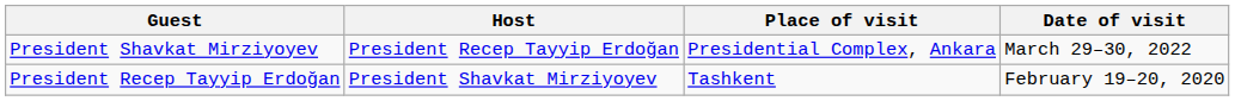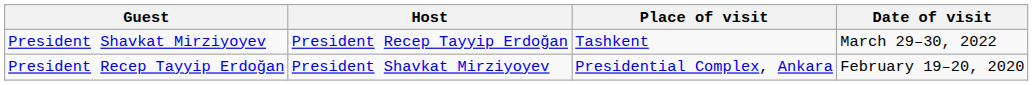 <table class="wikitable" border="1">
 <tr>
 <th>Guest</th>
 <th>Host</th>
 <th>Place of visit</th>
 <th>Date of visit</th>
 </tr>
 <tr>
 <td> <a href='#'>President</a> <a href='#'>Shavkat Mirziyoyev</a></td>
 <td> <a href='#'>President</a> <a href='#'>Recep Tayyip Erdoğan</a></td>
-<td><a href='#'>Presidential Complex</a>, <a href='#'>Ankara</a></td>
+<td><a href='#'>Tashkent</a></td>
 <td>March 29–30, 2022</td>
 </tr>
 <tr>
 <td> <a href='#'>President</a> <a href='#'>Recep Tayyip Erdoğan</a></td>
 <td> <a href='#'>President</a> <a href='#'>Shavkat Mirziyoyev</a></td>
-<td><a href='#'>Tashkent</a></td>
+<td><a href='#'>Presidential Complex</a>, <a href='#'>Ankara</a></td>
 <td>February 19–20, 2020</td>
 </tr>
 </table>
